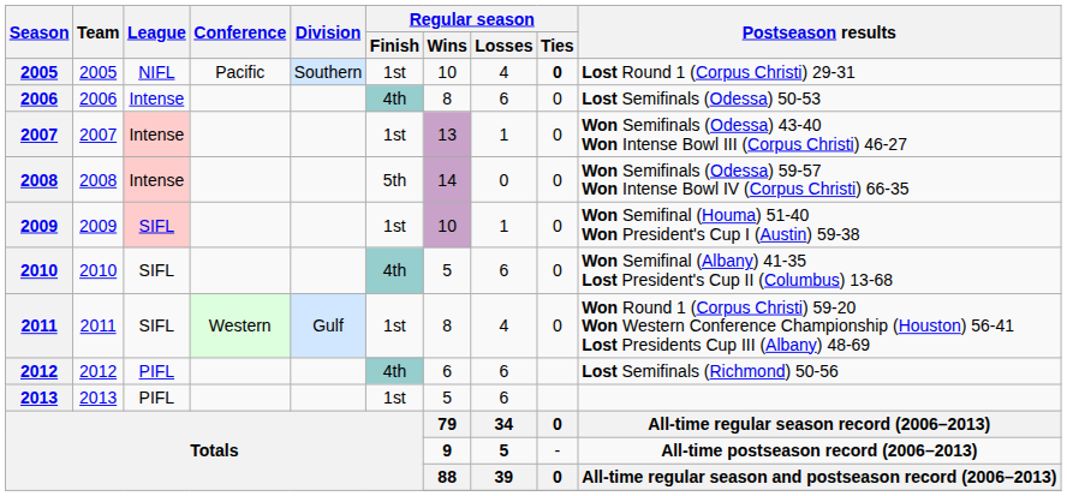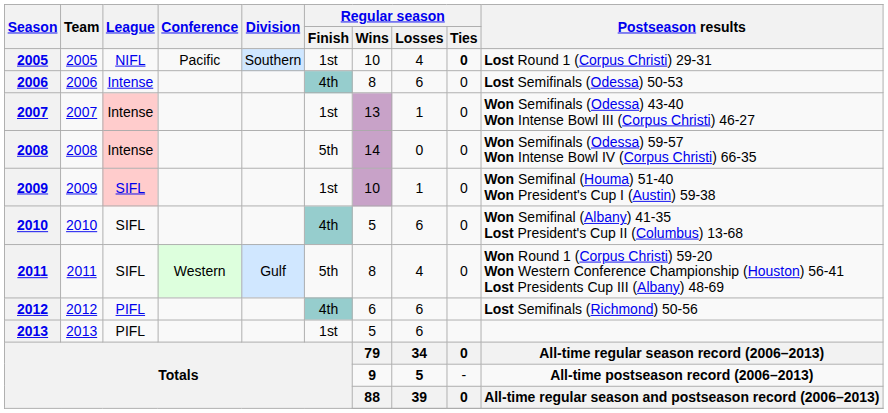 <table class="wikitable" style="font-size: 95%;">
 <tr>
 <th rowspan="2"><a href='#'>Season</a></th>
 <th rowspan="2">Team</th>
 <th rowspan="2"><a href='#'>League</a></th>
 <th rowspan="2"><a href='#'>Conference</a></th>
 <th rowspan="2"><a href='#'>Division</a></th>
 <th colspan="4"><a href='#'>Regular season</a></th>
 <th rowspan="2"><a href='#'>Postseason</a> results</th>
 </tr>
 <tr>
 <th>Finish</th>
 <th>Wins</th>
 <th>Losses</th>
 <th>Ties</th>
 </tr>
 <tr>
 <th style="text-align:center;"><a href='#'>2005</a></th>
 <td style="text-align:center;"><a href='#'>2005</a></td>
 <td style="text-align:center;"><a href='#'>NIFL</a></td>
 <td style="text-align:center;">Pacific</td>
 <td style="text-align:center;background:#d0e7ff;">Southern</td>
 <td style="text-align:center;">1st</td>
 <td style="text-align:center;">10</td>
 <td style="text-align:center;">4</td>
 <td style="text-align:center;"><strong>0</strong></td>
 <td><strong>Lost</strong> Round 1 (<a href='#'>Corpus Christi</a>) 29-31</td>
 </tr>
 <tr>
 <th style="text-align:center;"><a href='#'>2006</a></th>
 <td style="text-align:center;"><a href='#'>2006</a></td>
 <td style="text-align:center;"><a href='#'>Intense</a></td>
 <td style="text-align:center;"></td>
 <td style="text-align:center;"></td>
 <td style="text-align:center; background:#96cdcd;">4th</td>
 <td style="text-align:center;">8</td>
 <td style="text-align:center;">6</td>
 <td style="text-align:center;">0</td>
 <td><strong>Lost</strong> Semifinals (<a href='#'>Odessa</a>) 50-53</td>
 </tr>
 <tr>
 <th style="text-align:center;"><a href='#'>2007</a></th>
 <td style="text-align:center;"><a href='#'>2007</a></td>
 <td style="text-align:center;background:#fcc;">Intense</td>
 <td style="text-align:center;"></td>
 <td style="text-align:center;"></td>
 <td style="text-align:center;">1st</td>
 <td style="text-align:center;background:#c8a2c8;">13</td>
 <td style="text-align:center;">1</td>
 <td style="text-align:center;">0</td>
 <td><strong>Won</strong> Semifinals (<a href='#'>Odessa</a>) 43-40<br><strong>Won</strong> Intense Bowl III (<a href='#'>Corpus Christi</a>) 46-27</td>
 </tr>
 <tr>
 <th style="text-align:center;"><a href='#'>2008</a></th>
 <td style="text-align:center;"><a href='#'>2008</a></td>
 <td style="text-align:center;background:#fcc;">Intense</td>
 <td style="text-align:center;"></td>
 <td style="text-align:center;"></td>
 <td style="text-align:center;">5th</td>
 <td style="text-align:center;background:#c8a2c8;">14</td>
 <td style="text-align:center;">0</td>
 <td style="text-align:center;">0</td>
 <td><strong>Won</strong> Semifinals (<a href='#'>Odessa</a>) 59-57<br><strong>Won</strong> Intense Bowl IV (<a href='#'>Corpus Christi</a>) 66-35</td>
 </tr>
 <tr>
 <th style="text-align:center;"><a href='#'>2009</a></th>
 <td style="text-align:center;"><a href='#'>2009</a></td>
 <td style="text-align:center;background:#fcc;"><a href='#'>SIFL</a></td>
 <td style="text-align:center;"></td>
 <td style="text-align:center;"></td>
 <td style="text-align:center;">1st</td>
 <td style="text-align:center;background:#c8a2c8;">10</td>
 <td style="text-align:center;">1</td>
 <td style="text-align:center;">0</td>
 <td><strong>Won</strong> Semifinal (<a href='#'>Houma</a>) 51-40<br><strong>Won</strong> President's Cup I (<a href='#'>Austin</a>) 59-38</td>
 </tr>
 <tr>
 <th style="text-align:center;"><a href='#'>2010</a></th>
 <td style="text-align:center;"><a href='#'>2010</a></td>
 <td style="text-align:center;">SIFL</td>
 <td style="text-align:center;"></td>
 <td style="text-align:center;"></td>
 <td style="text-align:center; background:#96cdcd;">4th</td>
 <td style="text-align:center;">5</td>
 <td style="text-align:center;">6</td>
 <td style="text-align:center;">0</td>
 <td><strong>Won</strong> Semifinal (<a href='#'>Albany</a>) 41-35<br><strong>Lost</strong> President's Cup II (<a href='#'>Columbus</a>) 13-68</td>
 </tr>
 <tr>
 <th style="text-align:center;"><a href='#'>2011</a></th>
 <td style="text-align:center;"><a href='#'>2011</a></td>
 <td style="text-align:center;">SIFL</td>
 <td style="text-align:center;background:#dfd;">Western</td>
 <td style="text-align:center; background:#d0e7ff;">Gulf</td>
-<td style="text-align:center;">1st</td>
+<td style="text-align:center;">5th</td>
 <td style="text-align:center;">8</td>
 <td style="text-align:center;">4</td>
 <td style="text-align:center;">0</td>
 <td><strong>Won</strong> Round 1 (<a href='#'>Corpus Christi</a>) 59-20<br><strong>Won</strong> Western Conference Championship (<a href='#'>Houston</a>) 56-41<br><strong>Lost</strong> Presidents Cup III (<a href='#'>Albany</a>) 48-69</td>
 </tr>
 <tr>
 <th style="text-align:center;"><a href='#'>2012</a></th>
 <td style="text-align:center;"><a href='#'>2012</a></td>
 <td style="text-align:center;"><a href='#'>PIFL</a></td>
 <td style="text-align:center;"></td>
 <td style="text-align:center;"></td>
 <td style="text-align:center;background:#96cdcd;">4th</td>
 <td style="text-align:center;">6</td>
 <td style="text-align:center;">6</td>
 <td style="text-align:center;"></td>
 <td><strong>Lost</strong> Semifinals (<a href='#'>Richmond</a>) 50-56</td>
 </tr>
 <tr>
 <th style="text-align:center;"><a href='#'>2013</a></th>
 <td style="text-align:center;"><a href='#'>2013</a></td>
 <td style="text-align:center;">PIFL</td>
 <td style="text-align:center;"></td>
 <td style="text-align:center;"></td>
 <td style="text-align:center;">1st</td>
 <td style="text-align:center;">5</td>
 <td style="text-align:center;">6</td>
 <td style="text-align:center;"></td>
 <td></td>
 </tr>
 <tr>
 <th style="text-align:center;" rowspan="5" colspan="6">Totals</th>
 <th style="text-align:center;"><strong>79</strong></th>
 <th style="text-align:center;"><strong>34</strong></th>
 <th style="text-align:center;"><strong>0</strong></th>
 <th style="text-align:center;" colspan="3"><strong>All-time regular season record (2006–2013)</strong></th>
 </tr>
 <tr style="text-align:center;">
 <td><strong>9</strong></td>
 <td><strong>5</strong></td>
 <td>-</td>
 <td colspan="3"><strong>All-time postseason record (2006–2013)</strong></td>
 </tr>
 <tr>
 <th style="text-align:center;"><strong>88</strong></th>
 <th style="text-align:center;"><strong>39</strong></th>
 <th style="text-align:center;"><strong>0</strong></th>
 <th style="text-align:center;" colspan="3"><strong>All-time regular season and postseason record (2006–2013)</strong></th>
 </tr>
 <tr>
 </tr>
 </table>
